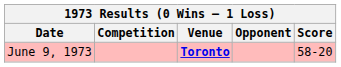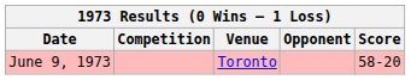 <table class="wikitable sortable">
 <tr>
 <th colspan="5"><strong>1973 Results (0 Wins – 1 Loss)</strong></th>
 </tr>
 <tr>
 <th>Date</th>
 <th>Competition</th>
 <th>Venue</th>
 <th>Opponent</th>
 <th>Score</th>
 </tr>
 <tr style="background:#fbb;">
 <td align=center>June 9, 1973</td>
 <td align=center></td>
-<td align=center><strong><a href='#'>Toronto</a></strong></td>
+<td align=center><a href='#'>Toronto</a></td>
 <td></td>
 <td align=center>58-20</td>
 </tr>
 </table>
